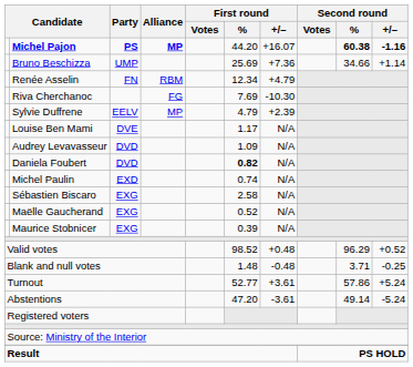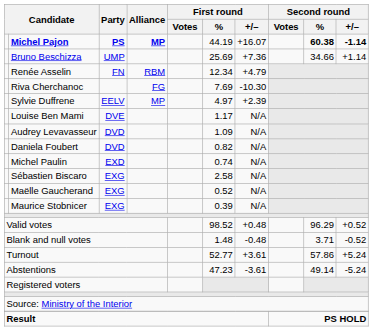 <table class="wikitable" style="text-align:right;font-size:95%;">
 <tr>
 <th rowspan="2" colspan="2">Candidate</th>
 <th rowspan="2">Party</th>
 <th rowspan="2">Alliance</th>
 <th colspan="3">First round</th>
 <th colspan="3">Second round</th>
 </tr>
 <tr>
 <th style="width:50px;">Votes</th>
 <th style="width:45px;">%</th>
 <th style="width:45px;">+/–</th>
 <th style="width:50px;">Votes</th>
 <th style="width:45px;">%</th>
 <th style="width:45px;">+/–</th>
 </tr>
 <tr>
 <td style="color:inherit;background:"></td>
 <td style="text-align:left;"><strong><a href='#'>Michel Pajon</a></strong></td>
 <td><a href='#'><strong>PS</strong></a> </td>
 <td><a href='#'><strong>MP</strong></a> </td>
 <td></td>
-<td>44.20</td>
+<td>44.19</td>
 <td>+16.07</td>
 <td><strong></strong></td>
 <td><strong>60.38</strong></td>
-<td><strong>-1.16</strong></td>
+<td><strong>-1.14</strong></td>
 </tr>
 <tr>
 <td style="color:inherit;background:"></td>
 <td style="text-align:left;"><a href='#'>Bruno Beschizza</a></td>
 <td><a href='#'>UMP</a> </td>
 <td></td>
 <td></td>
 <td>25.69</td>
 <td>+7.36</td>
 <td></td>
 <td>34.66</td>
 <td>+1.14</td>
 </tr>
 <tr>
 <td style="color:inherit;background:"></td>
 <td style="text-align:left;">Renée Asselin</td>
 <td><a href='#'>FN</a></td>
 <td><a href='#'>RBM</a></td>
 <td></td>
 <td>12.34</td>
 <td>+4.79</td>
 <td colspan="3" style="background:#E9E9E9;"></td>
 </tr>
 <tr>
 <td style="color:inherit;background:"></td>
 <td style="text-align:left;">Riva Cherchanoc</td>
 <td></td>
 <td><a href='#'>FG</a></td>
 <td></td>
 <td>7.69</td>
 <td>-10.30</td>
 <td colspan="3" style="background:#E9E9E9;"></td>
 </tr>
 <tr>
 <td style="color:inherit;background:"></td>
 <td style="text-align:left;">Sylvie Duffrene</td>
 <td><a href='#'>EELV</a></td>
 <td><a href='#'>MP</a></td>
 <td></td>
-<td>4.79</td>
+<td>4.97</td>
 <td>+2.39</td>
 <td colspan="3" style="background:#E9E9E9;"></td>
 </tr>
 <tr>
 <td style="color:inherit;background:"></td>
 <td style="text-align:left;">Louise Ben Mami</td>
 <td><a href='#'>DVE</a></td>
 <td></td>
 <td></td>
 <td>1.17</td>
 <td>N/A</td>
 <td colspan="3" style="background:#E9E9E9;"></td>
 </tr>
 <tr>
 <td style="color:inherit;background:"></td>
 <td style="text-align:left;">Audrey Levavasseur</td>
 <td><a href='#'>DVD</a></td>
 <td></td>
 <td></td>
 <td>1.09</td>
 <td>N/A</td>
 <td colspan="3" style="background:#E9E9E9;"></td>
 </tr>
 <tr>
 <td style="color:inherit;background:"></td>
 <td style="text-align:left;">Daniela Foubert</td>
 <td><a href='#'>DVD</a></td>
 <td></td>
 <td></td>
-<td><strong>0.82</strong></td>
+<td>0.82</td>
 <td>N/A</td>
 <td colspan="3" style="background:#E9E9E9;"></td>
 </tr>
 <tr>
 <td style="color:inherit;background:"></td>
 <td style="text-align:left;">Michel Paulin</td>
 <td><a href='#'>EXD</a></td>
 <td></td>
 <td></td>
 <td>0.74</td>
 <td>N/A</td>
 <td colspan="3" style="background:#E9E9E9;"></td>
 </tr>
 <tr>
 <td style="color:inherit;background:"></td>
 <td style="text-align:left;">Sébastien Biscaro</td>
 <td><a href='#'>EXG</a></td>
 <td></td>
 <td></td>
 <td>2.58</td>
 <td>N/A</td>
 <td colspan="3" style="background:#E9E9E9;"></td>
 </tr>
 <tr>
 <td style="color:inherit;background:"></td>
 <td style="text-align:left;">Maëlle Gaucherand</td>
 <td><a href='#'>EXG</a></td>
 <td></td>
 <td></td>
 <td>0.52</td>
 <td>N/A</td>
 <td colspan="3" style="background:#E9E9E9;"></td>
 </tr>
 <tr>
 <td style="color:inherit;background:"></td>
 <td style="text-align:left;">Maurice Stobnicer</td>
 <td><a href='#'>EXG</a></td>
 <td></td>
 <td></td>
 <td>0.39</td>
 <td>N/A</td>
 <td colspan="3" style="background:#E9E9E9;"></td>
 </tr>
 <tr>
 <td colspan="10" style="background:#E9E9E9;"></td>
 </tr>
 <tr>
 <td colspan="4" style="text-align:left;">Valid votes</td>
 <td></td>
 <td>98.52</td>
 <td>+0.48</td>
 <td></td>
 <td>96.29</td>
 <td>+0.52</td>
 </tr>
 <tr>
 <td colspan="4" style="text-align:left;">Blank and null votes</td>
 <td></td>
 <td>1.48</td>
 <td>-0.48</td>
 <td></td>
 <td>3.71</td>
-<td>-0.25</td>
+<td>-0.52</td>
 </tr>
 <tr>
 <td colspan="4" style="text-align:left;">Turnout</td>
 <td></td>
 <td>52.77</td>
 <td>+3.61</td>
 <td></td>
 <td>57.86</td>
 <td>+5.24</td>
 </tr>
 <tr>
 <td colspan="4" style="text-align:left;">Abstentions</td>
 <td></td>
-<td>47.20</td>
+<td>47.23</td>
 <td>-3.61</td>
 <td></td>
 <td>49.14</td>
 <td>-5.24</td>
 </tr>
 <tr>
 <td colspan="4" style="text-align:left;">Registered voters</td>
 <td></td>
 <td colspan="2" style="background:#E9E9E9;"></td>
 <td></td>
 <td colspan="2" style="background:#E9E9E9;"></td>
 </tr>
 <tr>
 <td colspan="10" style="background:#E9E9E9;"></td>
 </tr>
 <tr>
 <td colspan="10" style="text-align:left;">Source: <a href='#'>Ministry of the Interior</a></td>
 </tr>
 <tr>
 </tr>
 <tr style="font-weight:bold">
 <td colspan="7" style="text-align:left;">Result</td>
 <td colspan="7" style="background-color:">PS HOLD</td>
 </tr>
 </table>
